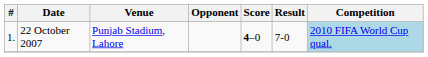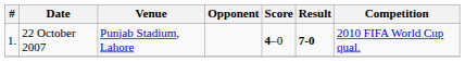 <table class="wikitable">
 <tr>
 <th>#</th>
 <th>Date</th>
 <th>Venue</th>
 <th>Opponent</th>
 <th>Score</th>
 <th>Result</th>
 <th>Competition</th>
 </tr>
 <tr>
 <td>1.</td>
 <td>22 October 2007</td>
 <td><a href='#'>Punjab Stadium</a>, <a href='#'>Lahore</a></td>
 <td></td>
 <td><strong>4</strong>–0</td>
-<td>7-0</td>
-<td style="background: lightblue;"><a href='#'>2010 FIFA World Cup qual.</a></td>
+<td><strong>7-0</strong></td>
+<td><a href='#'>2010 FIFA World Cup qual.</a></td>
 </tr>
 <tr>
 </tr>
 </table>
